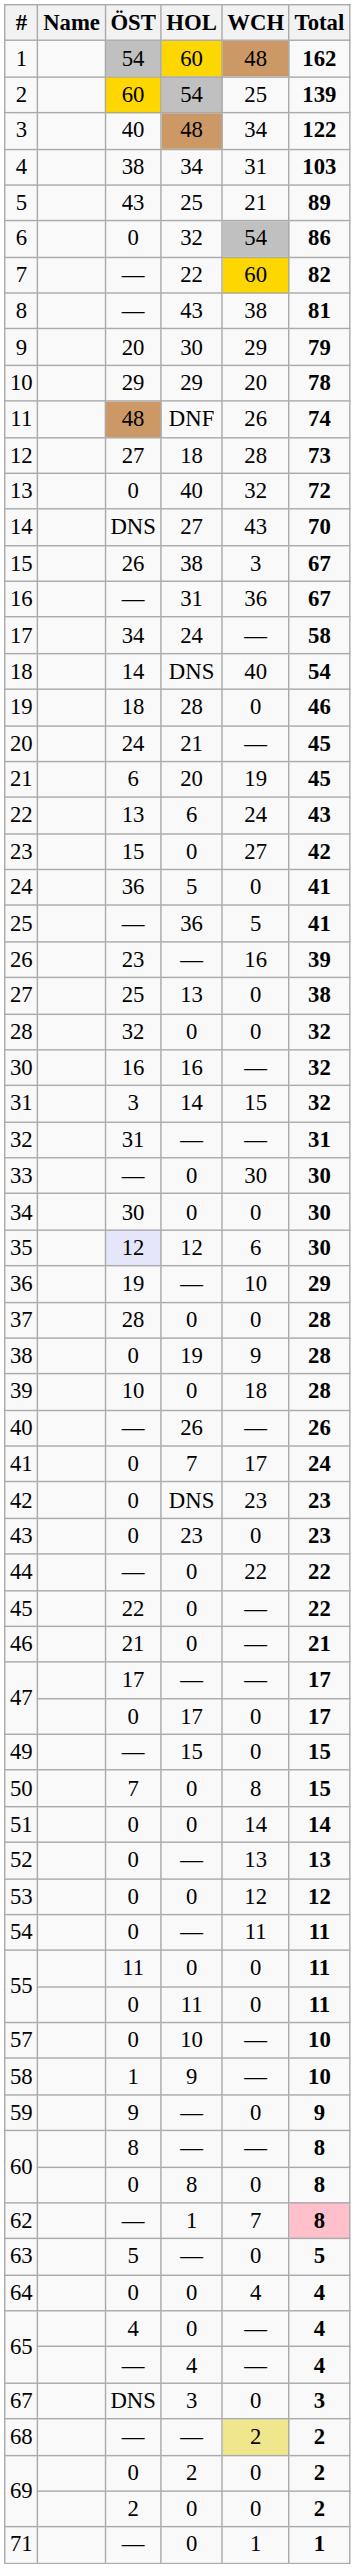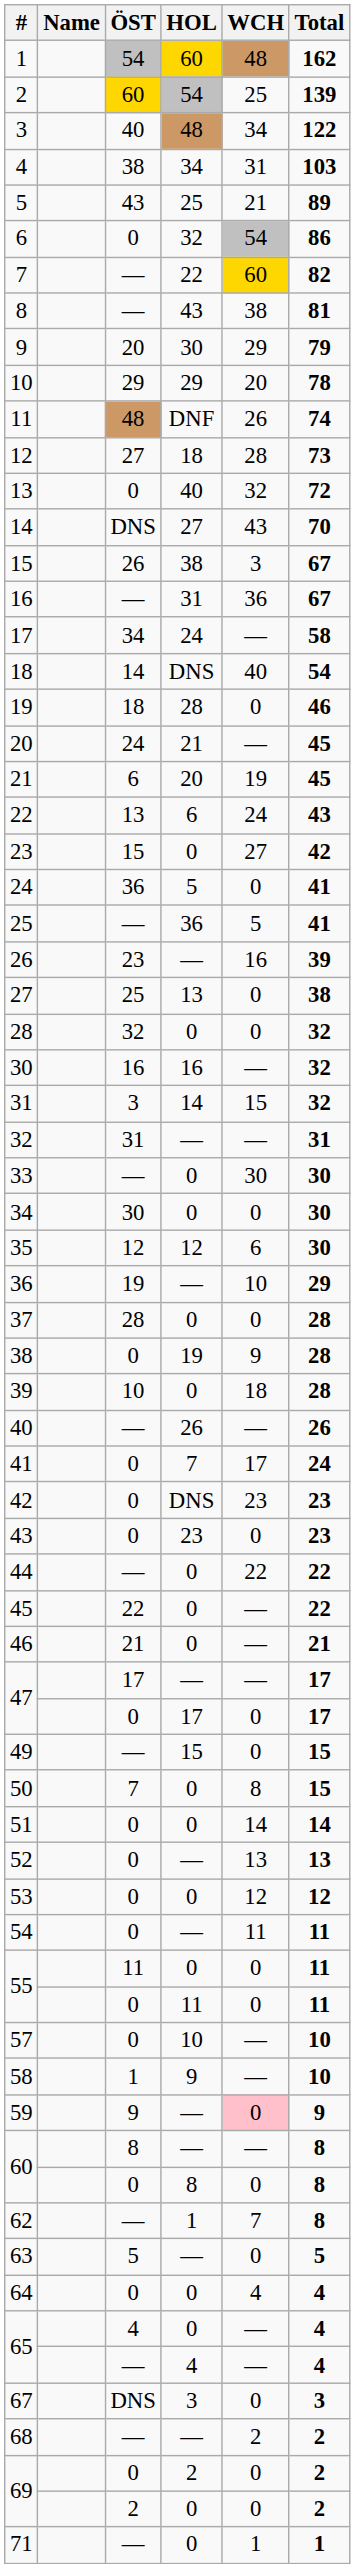 <table class="wikitable sortable" style="text-align:center;">
 <tr>
 <th>#</th>
 <th>Name</th>
 <th>ÖST</th>
 <th>HOL</th>
 <th>WCH</th>
 <th>Total</th>
 </tr>
 <tr>
 <td>1</td>
 <td align="left"></td>
 <td bgcolor="silver">54</td>
 <td bgcolor="gold">60</td>
 <td bgcolor="CC9966">48</td>
 <td><strong>162</strong></td>
 </tr>
 <tr>
 <td>2</td>
 <td align="left"></td>
 <td bgcolor="gold">60</td>
 <td bgcolor="silver">54</td>
 <td>25</td>
 <td><strong>139</strong></td>
 </tr>
 <tr>
 <td>3</td>
 <td align="left"></td>
 <td>40</td>
 <td bgcolor="CC9966">48</td>
 <td>34</td>
 <td><strong>122</strong></td>
 </tr>
 <tr>
 <td>4</td>
 <td align="left"></td>
 <td>38</td>
 <td>34</td>
 <td>31</td>
 <td><strong>103</strong></td>
 </tr>
 <tr>
 <td>5</td>
 <td align="left"></td>
 <td>43</td>
 <td>25</td>
 <td>21</td>
 <td><strong>89</strong></td>
 </tr>
 <tr>
 <td>6</td>
 <td align="left"></td>
 <td>0</td>
 <td>32</td>
 <td bgcolor="silver">54</td>
 <td><strong>86</strong></td>
 </tr>
 <tr>
 <td>7</td>
 <td align="left"></td>
 <td>—</td>
 <td>22</td>
 <td bgcolor="gold">60</td>
 <td><strong>82</strong></td>
 </tr>
 <tr>
 <td>8</td>
 <td align="left"></td>
 <td>—</td>
 <td>43</td>
 <td>38</td>
 <td><strong>81</strong></td>
 </tr>
 <tr>
 <td>9</td>
 <td align="left"></td>
 <td>20</td>
 <td>30</td>
 <td>29</td>
 <td><strong>79</strong></td>
 </tr>
 <tr>
 <td>10</td>
 <td align="left"></td>
 <td>29</td>
 <td>29</td>
 <td>20</td>
 <td><strong>78</strong></td>
 </tr>
 <tr>
 <td>11</td>
 <td align="left"></td>
 <td bgcolor="CC9966">48</td>
 <td>DNF</td>
 <td>26</td>
 <td><strong>74</strong></td>
 </tr>
 <tr>
 <td>12</td>
 <td align="left"></td>
 <td>27</td>
 <td>18</td>
 <td>28</td>
 <td><strong>73</strong></td>
 </tr>
 <tr>
 <td>13</td>
 <td align="left"></td>
 <td>0</td>
 <td>40</td>
 <td>32</td>
 <td><strong>72</strong></td>
 </tr>
 <tr>
 <td>14</td>
 <td align="left"></td>
 <td>DNS</td>
 <td>27</td>
 <td>43</td>
 <td><strong>70</strong></td>
 </tr>
 <tr>
 <td>15</td>
 <td align="left"></td>
 <td>26</td>
 <td>38</td>
 <td>3</td>
 <td><strong>67</strong></td>
 </tr>
 <tr>
 <td>16</td>
 <td align="left"></td>
 <td>—</td>
 <td>31</td>
 <td>36</td>
 <td><strong>67</strong></td>
 </tr>
 <tr>
 <td>17</td>
 <td align="left"></td>
 <td>34</td>
 <td>24</td>
 <td>—</td>
 <td><strong>58</strong></td>
 </tr>
 <tr>
 <td>18</td>
 <td align="left"></td>
 <td>14</td>
 <td>DNS</td>
 <td>40</td>
 <td><strong>54</strong></td>
 </tr>
 <tr>
 <td>19</td>
 <td align="left"></td>
 <td>18</td>
 <td>28</td>
 <td>0</td>
 <td><strong>46</strong></td>
 </tr>
 <tr>
 <td>20</td>
 <td align="left"></td>
 <td>24</td>
 <td>21</td>
 <td>—</td>
 <td><strong>45</strong></td>
 </tr>
 <tr>
 <td>21</td>
 <td align="left"></td>
 <td>6</td>
 <td>20</td>
 <td>19</td>
 <td><strong>45</strong></td>
 </tr>
 <tr>
 <td>22</td>
 <td align="left"></td>
 <td>13</td>
 <td>6</td>
 <td>24</td>
 <td><strong>43</strong></td>
 </tr>
 <tr>
 <td>23</td>
 <td align="left"></td>
 <td>15</td>
 <td>0</td>
 <td>27</td>
 <td><strong>42</strong></td>
 </tr>
 <tr>
 <td>24</td>
 <td align="left"></td>
 <td>36</td>
 <td>5</td>
 <td>0</td>
 <td><strong>41</strong></td>
 </tr>
 <tr>
 <td>25</td>
 <td align="left"></td>
 <td>—</td>
 <td>36</td>
 <td>5</td>
 <td><strong>41</strong></td>
 </tr>
 <tr>
 <td>26</td>
 <td align="left"></td>
 <td>23</td>
 <td>—</td>
 <td>16</td>
 <td><strong>39</strong></td>
 </tr>
 <tr>
 <td>27</td>
 <td align="left"></td>
 <td>25</td>
 <td>13</td>
 <td>0</td>
 <td><strong>38</strong></td>
 </tr>
 <tr>
 <td>28</td>
 <td align="left"></td>
 <td>32</td>
 <td>0</td>
 <td>0</td>
 <td><strong>32</strong></td>
 </tr>
 <tr>
 <td>30</td>
 <td align="left"></td>
 <td>16</td>
 <td>16</td>
 <td>—</td>
 <td><strong>32</strong></td>
 </tr>
 <tr>
 <td>31</td>
 <td align="left"></td>
 <td>3</td>
 <td>14</td>
 <td>15</td>
 <td><strong>32</strong></td>
 </tr>
 <tr>
 <td>32</td>
 <td align="left"></td>
 <td>31</td>
 <td>—</td>
 <td>—</td>
 <td><strong>31</strong></td>
 </tr>
 <tr>
 <td>33</td>
 <td align="left"></td>
 <td>—</td>
 <td>0</td>
 <td>30</td>
 <td><strong>30</strong></td>
 </tr>
 <tr>
 <td>34</td>
 <td align="left"></td>
 <td>30</td>
 <td>0</td>
 <td>0</td>
 <td><strong>30</strong></td>
 </tr>
 <tr>
 <td>35</td>
 <td align="left"></td>
-<td style="background: lavender;">12</td>
+<td>12</td>
 <td>12</td>
 <td>6</td>
 <td><strong>30</strong></td>
 </tr>
 <tr>
 <td>36</td>
 <td align="left"></td>
 <td>19</td>
 <td>—</td>
 <td>10</td>
 <td><strong>29</strong></td>
 </tr>
 <tr>
 <td>37</td>
 <td align="left"></td>
 <td>28</td>
 <td>0</td>
 <td>0</td>
 <td><strong>28</strong></td>
 </tr>
 <tr>
 <td>38</td>
 <td align="left"></td>
 <td>0</td>
 <td>19</td>
 <td>9</td>
 <td><strong>28</strong></td>
 </tr>
 <tr>
 <td>39</td>
 <td align="left"></td>
 <td>10</td>
 <td>0</td>
 <td>18</td>
 <td><strong>28</strong></td>
 </tr>
 <tr>
 <td>40</td>
 <td align="left"></td>
 <td>—</td>
 <td>26</td>
 <td>—</td>
 <td><strong>26</strong></td>
 </tr>
 <tr>
 <td>41</td>
 <td align="left"></td>
 <td>0</td>
 <td>7</td>
 <td>17</td>
 <td><strong>24</strong></td>
 </tr>
 <tr>
 <td>42</td>
 <td align="left"></td>
 <td>0</td>
 <td>DNS</td>
 <td>23</td>
 <td><strong>23</strong></td>
 </tr>
 <tr>
 <td>43</td>
 <td align="left"></td>
 <td>0</td>
 <td>23</td>
 <td>0</td>
 <td><strong>23</strong></td>
 </tr>
 <tr>
 <td>44</td>
 <td align="left"></td>
 <td>—</td>
 <td>0</td>
 <td>22</td>
 <td><strong>22</strong></td>
 </tr>
 <tr>
 <td>45</td>
 <td align="left"></td>
 <td>22</td>
 <td>0</td>
 <td>—</td>
 <td><strong>22</strong></td>
 </tr>
 <tr>
 <td>46</td>
 <td align="left"></td>
 <td>21</td>
 <td>0</td>
 <td>—</td>
 <td><strong>21</strong></td>
 </tr>
 <tr>
 <td rowspan=2>47</td>
 <td align="left"></td>
 <td>17</td>
 <td>—</td>
 <td>—</td>
 <td><strong>17</strong></td>
 </tr>
 <tr>
 <td align="left"></td>
 <td>0</td>
 <td>17</td>
 <td>0</td>
 <td><strong>17</strong></td>
 </tr>
 <tr>
 <td>49</td>
 <td align="left"></td>
 <td>—</td>
 <td>15</td>
 <td>0</td>
 <td><strong>15</strong></td>
 </tr>
 <tr>
 <td>50</td>
 <td align="left"></td>
 <td>7</td>
 <td>0</td>
 <td>8</td>
 <td><strong>15</strong></td>
 </tr>
 <tr>
 <td>51</td>
 <td align="left"></td>
 <td>0</td>
 <td>0</td>
 <td>14</td>
 <td><strong>14</strong></td>
 </tr>
 <tr>
 <td>52</td>
 <td align="left"></td>
 <td>0</td>
 <td>—</td>
 <td>13</td>
 <td><strong>13</strong></td>
 </tr>
 <tr>
 <td>53</td>
 <td align="left"></td>
 <td>0</td>
 <td>0</td>
 <td>12</td>
 <td><strong>12</strong></td>
 </tr>
 <tr>
 <td>54</td>
 <td align="left"></td>
 <td>0</td>
 <td>—</td>
 <td>11</td>
 <td><strong>11</strong></td>
 </tr>
 <tr>
 <td rowspan=2>55</td>
 <td align="left"></td>
 <td>11</td>
 <td>0</td>
 <td>0</td>
 <td><strong>11</strong></td>
 </tr>
 <tr>
 <td align="left"></td>
 <td>0</td>
 <td>11</td>
 <td>0</td>
 <td><strong>11</strong></td>
 </tr>
 <tr>
 <td>57</td>
 <td align="left"></td>
 <td>0</td>
 <td>10</td>
 <td>—</td>
 <td><strong>10</strong></td>
 </tr>
 <tr>
 <td>58</td>
 <td align="left"></td>
 <td>1</td>
 <td>9</td>
 <td>—</td>
 <td><strong>10</strong></td>
 </tr>
 <tr>
 <td>59</td>
 <td align="left"></td>
 <td>9</td>
 <td>—</td>
-<td>0</td>
+<td style="background: pink;">0</td>
 <td><strong>9</strong></td>
 </tr>
 <tr>
 <td rowspan=2>60</td>
 <td align="left"></td>
 <td>8</td>
 <td>—</td>
 <td>—</td>
 <td><strong>8</strong></td>
 </tr>
 <tr>
 <td align="left"></td>
 <td>0</td>
 <td>8</td>
 <td>0</td>
 <td><strong>8</strong></td>
 </tr>
 <tr>
 <td>62</td>
 <td align="left"></td>
 <td>—</td>
 <td>1</td>
 <td>7</td>
-<td style="background: pink;"><strong>8</strong></td>
+<td><strong>8</strong></td>
 </tr>
 <tr>
 <td>63</td>
 <td align="left"></td>
 <td>5</td>
 <td>—</td>
 <td>0</td>
 <td><strong>5</strong></td>
 </tr>
 <tr>
 <td>64</td>
 <td align="left"></td>
 <td>0</td>
 <td>0</td>
 <td>4</td>
 <td><strong>4</strong></td>
 </tr>
 <tr>
 <td rowspan=2>65</td>
 <td align="left"></td>
 <td>4</td>
 <td>0</td>
 <td>—</td>
 <td><strong>4</strong></td>
 </tr>
 <tr>
 <td align="left"></td>
 <td>—</td>
 <td>4</td>
 <td>—</td>
 <td><strong>4</strong></td>
 </tr>
 <tr>
 <td>67</td>
 <td align="left"></td>
 <td>DNS</td>
 <td>3</td>
 <td>0</td>
 <td><strong>3</strong></td>
 </tr>
 <tr>
 <td>68</td>
 <td align="left"></td>
 <td>—</td>
 <td>—</td>
-<td style="background: khaki;">2</td>
+<td>2</td>
 <td><strong>2</strong></td>
 </tr>
 <tr>
 <td rowspan=2>69</td>
 <td align="left"></td>
 <td>0</td>
 <td>2</td>
 <td>0</td>
 <td><strong>2</strong></td>
 </tr>
 <tr>
 <td align="left"></td>
 <td>2</td>
 <td>0</td>
 <td>0</td>
 <td><strong>2</strong></td>
 </tr>
 <tr>
 <td>71</td>
 <td align="left"></td>
 <td>—</td>
 <td>0</td>
 <td>1</td>
 <td><strong>1</strong></td>
 </tr>
 </table>
